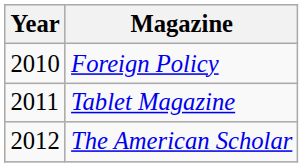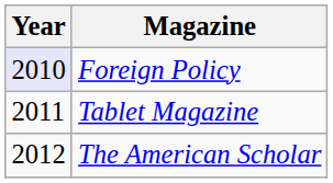 <table class="wikitable">
 <tr>
 <th>Year</th>
 <th>Magazine</th>
 </tr>
 <tr>
-<td>2010</td>
+<td style="background: lavender;">2010</td>
 <td><em><a href='#'>Foreign Policy</a></em></td>
 </tr>
 <tr>
 <td>2011</td>
 <td><em><a href='#'>Tablet Magazine</a></em></td>
 </tr>
 <tr>
 <td>2012</td>
 <td><em><a href='#'>The American Scholar</a></em></td>
 </tr>
 </table>
